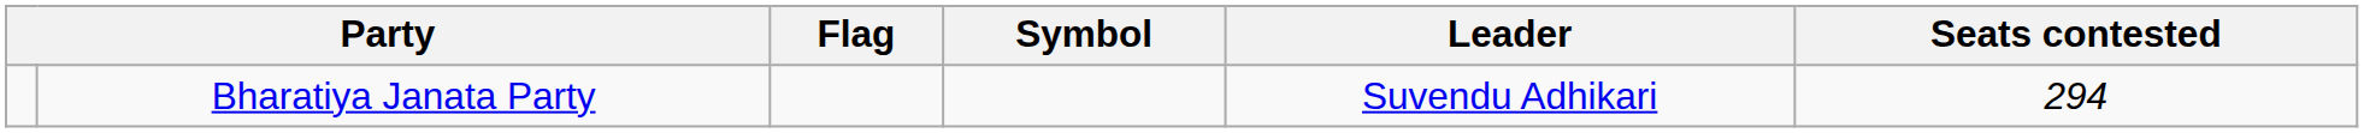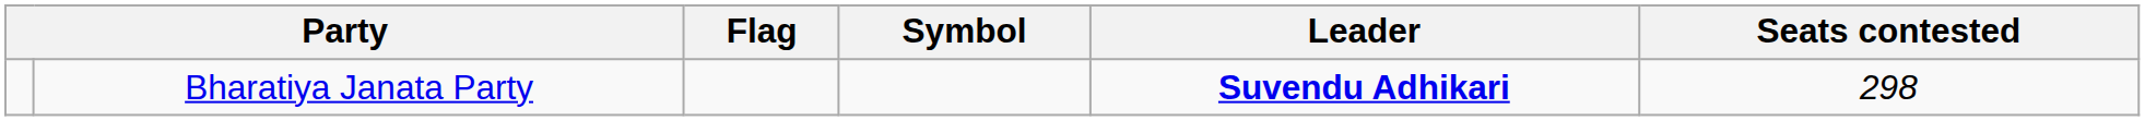 <table class="wikitable" width="50%" style="text-align:center;">
 <tr>
 <th colspan="2">Party</th>
 <th>Flag</th>
 <th>Symbol</th>
 <th>Leader</th>
 <th>Seats contested</th>
 </tr>
 <tr>
 <td></td>
 <td><a href='#'>Bharatiya Janata Party</a></td>
 <td></td>
 <td></td>
-<td><a href='#'>Suvendu Adhikari</a></td>
-<td><em>294</em></td>
+<td><strong><a href='#'>Suvendu Adhikari</a></strong></td>
+<td><em>298</em></td>
 </tr>
 </table>
